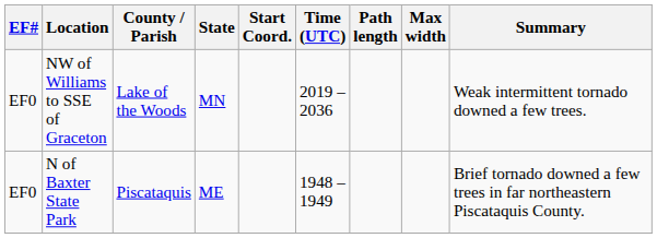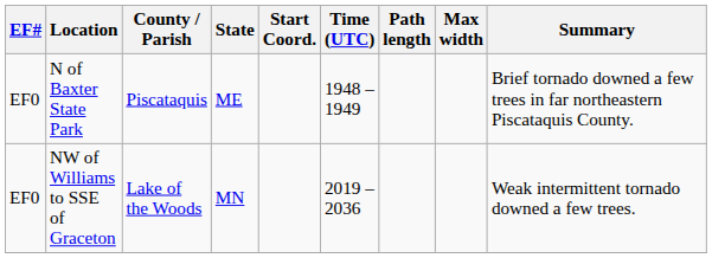 <table class="wikitable sortable" style="width:100%;">
 <tr>
 <th scope="col" width="3%" align="center"><a href='#'>EF#</a></th>
 <th scope="col" width="7%" align="center" class="unsortable">Location</th>
 <th scope="col" width="6%" align="center" class="unsortable">County / Parish</th>
 <th scope="col" width="5%" align="center">State</th>
 <th scope="col" width="6%" align="center">Start Coord.</th>
 <th scope="col" width="6%" align="center">Time (<a href='#'>UTC</a>)</th>
 <th scope="col" width="6%" align="center">Path length</th>
 <th scope="col" width="6%" align="center">Max width</th>
 <th scope="col" width="48%" class="unsortable" align="center">Summary</th>
 </tr>
 <tr>
 <td>EF0</td>
+<td>N of <a href='#'>Baxter State Park</a></td>
+<td><a href='#'>Piscataquis</a></td>
+<td><a href='#'>ME</a></td>
+<td></td>
+<td>1948 – 1949</td>
+<td></td>
+<td></td>
+<td>Brief tornado downed a few trees in far northeastern Piscataquis County.</td>
+</tr>
+<tr>
+<td>EF0</td>
 <td>NW of <a href='#'>Williams</a> to SSE of <a href='#'>Graceton</a></td>
 <td><a href='#'>Lake of the Woods</a></td>
 <td><a href='#'>MN</a></td>
 <td></td>
 <td>2019 – 2036</td>
 <td></td>
 <td></td>
 <td>Weak intermittent tornado downed a few trees.</td>
 </tr>
 <tr>
-<td>EF0</td>
-<td>N of <a href='#'>Baxter State Park</a></td>
-<td><a href='#'>Piscataquis</a></td>
-<td><a href='#'>ME</a></td>
-<td></td>
-<td>1948 – 1949</td>
-<td></td>
-<td></td>
-<td>Brief tornado downed a few trees in far northeastern Piscataquis County.</td>
-</tr>
-<tr>
 </tr>
 </table>
